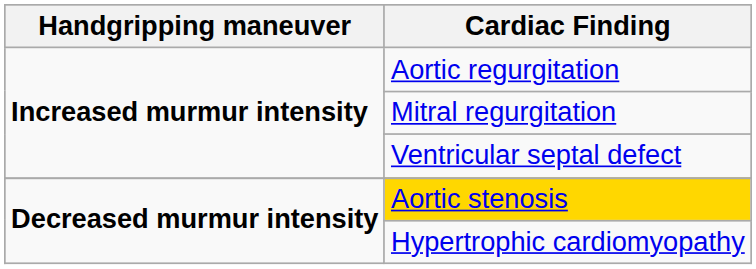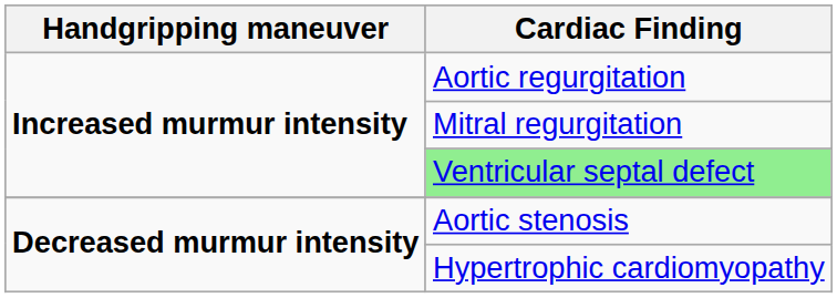 <table class="wikitable">
 <tr>
 <th>Handgripping maneuver</th>
 <th>Cardiac Finding</th>
 </tr>
 <tr>
 <td rowspan=3><strong>Increased murmur intensity </strong></td>
 <td><a href='#'>Aortic regurgitation</a></td>
 </tr>
 <tr>
 <td><a href='#'>Mitral regurgitation</a></td>
 </tr>
 <tr>
-<td><a href='#'>Ventricular septal defect</a></td>
+<td style="background: lightgreen;"><a href='#'>Ventricular septal defect</a></td>
 </tr>
 <tr>
 </tr>
 <tr>
 <td rowspan="4"><strong>Decreased murmur intensity</strong></td>
-<td style="background: gold;"><a href='#'>Aortic stenosis</a></td>
+<td><a href='#'>Aortic stenosis</a></td>
 </tr>
 <tr>
 <td><a href='#'>Hypertrophic cardiomyopathy</a></td>
 </tr>
 </table>
